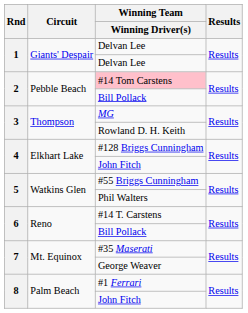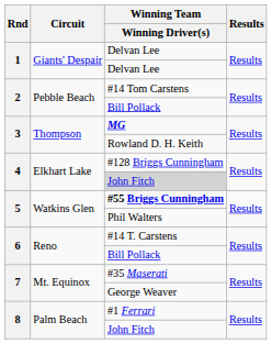 <table class="wikitable" style="font-size: 90%;">
 <tr>
 <th rowspan=2>Rnd</th>
 <th rowspan=2>Circuit</th>
 <th>Winning Team</th>
 <th rowspan=2>Results</th>
 </tr>
 <tr>
 <th>Winning Driver(s)</th>
 </tr>
 <tr>
 <th rowspan=2>1</th>
 <td rowspan=2><a href='#'>Giants' Despair</a></td>
 <td>Delvan Lee</td>
 <td rowspan=2><a href='#'>Results</a></td>
 </tr>
 <tr>
 <td> Delvan Lee</td>
 </tr>
 <tr>
 <th rowspan=2>2</th>
 <td rowspan=2>Pebble Beach</td>
-<td style="background: pink;">#14 Tom Carstens</td>
+<td>#14 Tom Carstens</td>
 <td rowspan=2><a href='#'>Results</a></td>
 </tr>
 <tr>
 <td> <a href='#'>Bill Pollack</a></td>
 </tr>
 <tr>
 <th rowspan=2>3</th>
 <td rowspan=2><a href='#'>Thompson</a></td>
-<td><em><a href='#'>MG</a></em></td>
+<td><strong><em><a href='#'>MG</a></em></strong></td>
 <td rowspan=2><a href='#'>Results</a></td>
 </tr>
 <tr>
 <td> Rowland D. H. Keith</td>
 </tr>
 <tr>
 <th rowspan=2>4</th>
 <td rowspan=2>Elkhart Lake</td>
 <td>#128 <a href='#'>Briggs Cunningham</a></td>
 <td rowspan=2><a href='#'>Results</a></td>
 </tr>
 <tr>
-<td> <a href='#'>John Fitch</a></td>
+<td style="background: lightgrey;"> <a href='#'>John Fitch</a></td>
 </tr>
 <tr>
 <th rowspan=2>5</th>
 <td rowspan=2>Watkins Glen</td>
-<td>#55 <a href='#'>Briggs Cunningham</a></td>
+<td><strong>#55 <a href='#'>Briggs Cunningham</a></strong></td>
 <td rowspan=2><a href='#'>Results</a></td>
 </tr>
 <tr>
 <td> Phil Walters</td>
 </tr>
 <tr>
 <th rowspan=2>6</th>
 <td rowspan=2>Reno</td>
 <td>#14 T. Carstens</td>
 <td rowspan=2><a href='#'>Results</a></td>
 </tr>
 <tr>
 <td> <a href='#'>Bill Pollack</a></td>
 </tr>
 <tr>
 <th rowspan=2>7</th>
 <td rowspan=2>Mt. Equinox</td>
 <td>#35 <em><a href='#'>Maserati</a></em></td>
 <td rowspan=2><a href='#'>Results</a></td>
 </tr>
 <tr>
 <td> George Weaver</td>
 </tr>
 <tr>
 <th rowspan=2>8</th>
 <td rowspan=2>Palm Beach</td>
 <td>#1 <em><a href='#'>Ferrari</a></em></td>
 <td rowspan=2><a href='#'>Results</a></td>
 </tr>
 <tr>
 <td> <a href='#'>John Fitch</a></td>
 </tr>
 </table>
